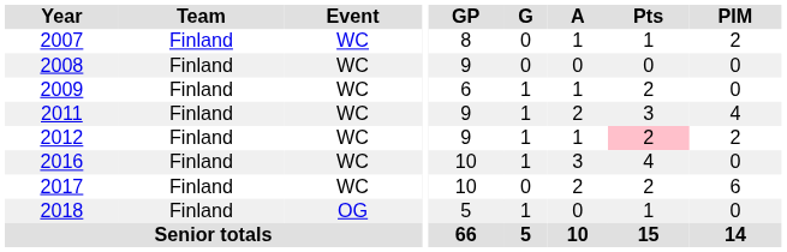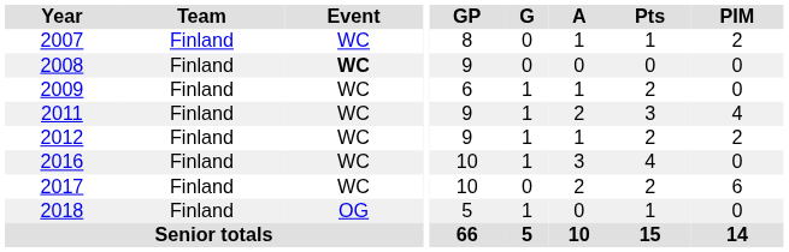 <table border="0" cellpadding="1" cellspacing="0" ID="Table3" style="text-align:center; width:40em">
 <tr ALIGN="center" bgcolor="#e0e0e0">
 <th>Year</th>
 <th>Team</th>
 <th>Event</th>
 <th rowspan="99" bgcolor="#ffffff"></th>
 <th>GP</th>
 <th>G</th>
 <th>A</th>
 <th>Pts</th>
 <th>PIM</th>
 </tr>
 <tr>
 <td><a href='#'>2007</a></td>
 <td><a href='#'>Finland</a></td>
 <td><a href='#'>WC</a></td>
 <td>8</td>
 <td>0</td>
 <td>1</td>
 <td>1</td>
 <td>2</td>
 </tr>
 <tr bgcolor="#f0f0f0">
 <td><a href='#'>2008</a></td>
 <td>Finland</td>
-<td>WC</td>
+<td><strong>WC</strong></td>
 <td>9</td>
 <td>0</td>
 <td>0</td>
 <td>0</td>
 <td>0</td>
 </tr>
 <tr>
 <td><a href='#'>2009</a></td>
 <td>Finland</td>
 <td>WC</td>
 <td>6</td>
 <td>1</td>
 <td>1</td>
 <td>2</td>
 <td>0</td>
 </tr>
 <tr bgcolor="#f0f0f0">
 <td><a href='#'>2011</a></td>
 <td>Finland</td>
 <td>WC</td>
 <td>9</td>
 <td>1</td>
 <td>2</td>
 <td>3</td>
 <td>4</td>
 </tr>
 <tr>
 <td><a href='#'>2012</a></td>
 <td>Finland</td>
 <td>WC</td>
 <td>9</td>
 <td>1</td>
 <td>1</td>
-<td style="background: pink;">2</td>
+<td>2</td>
 <td>2</td>
 </tr>
 <tr bgcolor="#f0f0f0">
 <td><a href='#'>2016</a></td>
 <td>Finland</td>
 <td>WC</td>
 <td>10</td>
 <td>1</td>
 <td>3</td>
 <td>4</td>
 <td>0</td>
 </tr>
 <tr>
 <td><a href='#'>2017</a></td>
 <td>Finland</td>
 <td>WC</td>
 <td>10</td>
 <td>0</td>
 <td>2</td>
 <td>2</td>
 <td>6</td>
 </tr>
 <tr bgcolor="#f0f0f0">
 <td><a href='#'>2018</a></td>
 <td>Finland</td>
 <td><a href='#'>OG</a></td>
 <td>5</td>
 <td>1</td>
 <td>0</td>
 <td>1</td>
 <td>0</td>
 </tr>
 <tr bgcolor="#e0e0e0">
 <th colspan="3">Senior totals</th>
 <th>66</th>
 <th>5</th>
 <th>10</th>
 <th>15</th>
 <th>14</th>
 </tr>
 </table>
